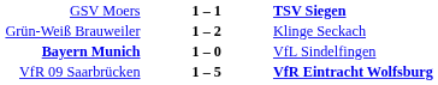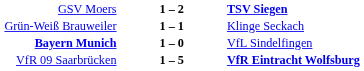 <table width=100% cellspacing=1>
 <tr>
 <th width=25%></th>
 <th width=10%></th>
 <th width=25%></th>
 <th></th>
 </tr>
 <tr style=font-size:90%>
 <td align=right><a href='#'>GSV Moers</a></td>
-<td align=center><strong>1 – 1</strong></td>
+<td align=center><strong>1 – 2</strong></td>
 <td><strong><a href='#'>TSV Siegen</a></strong></td>
 </tr>
 <tr style=font-size:90%>
 <td align=right><a href='#'>Grün-Weiß Brauweiler</a></td>
-<td align=center><strong>1 – 2</strong></td>
+<td align=center><strong>1 – 1</strong></td>
 <td><a href='#'>Klinge Seckach</a></td>
 </tr>
 <tr style=font-size:90%>
 <td align=right><strong><a href='#'>Bayern Munich</a></strong></td>
 <td align=center><strong>1 – 0</strong></td>
 <td><a href='#'>VfL Sindelfingen</a></td>
 </tr>
 <tr style=font-size:90%>
 <td align=right><a href='#'>VfR 09 Saarbrücken</a></td>
 <td align=center><strong>1 – 5</strong></td>
 <td><strong><a href='#'>VfR Eintracht Wolfsburg</a></strong></td>
 </tr>
 </table>
